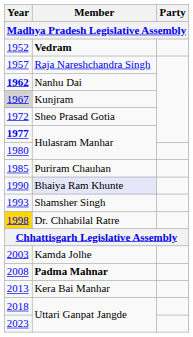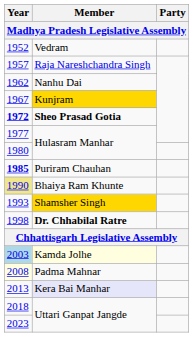 <table class="wikitable">
 <tr>
 <th>Year</th>
 <th>Member</th>
 <th colspan="2">Party</th>
 </tr>
 <tr>
 <th colspan=4><a href='#'>Madhya Pradesh Legislative Assembly</a></th>
 </tr>
 <tr>
 <td rowspan="2"><a href='#'>1952</a></td>
-<td><strong>Vedram</strong></td>
+<td>Vedram</td>
 <td></td>
 </tr>
 <tr>
 <td rowspan="2"><a href='#'>Raja Nareshchandra Singh</a></td>
 </tr>
 <tr>
 <td rowspan="2"><a href='#'>1957</a></td>
 </tr>
 <tr>
 <td rowspan="2">Nanhu Dai</td>
 </tr>
 <tr>
-<td><strong><a href='#'>1962</a></strong></td>
+<td><a href='#'>1962</a></td>
 </tr>
 <tr>
-<td style="background: lightgrey;"><a href='#'>1967</a></td>
-<td>Kunjram</td>
+<td><a href='#'>1967</a></td>
+<td style="background: gold;">Kunjram</td>
 </tr>
 <tr>
-<td><a href='#'>1972</a></td>
-<td>Sheo Prasad Gotia</td>
+<td><strong><a href='#'>1972</a></strong></td>
+<td><strong>Sheo Prasad Gotia</strong></td>
 </tr>
 <tr>
-<td><strong><a href='#'>1977</a></strong></td>
+<td><a href='#'>1977</a></td>
 <td rowspan="2">Hulasram Manhar</td>
 </tr>
 <tr>
 <td><a href='#'>1980</a></td>
 <td></td>
 </tr>
 <tr>
-<td><a href='#'>1985</a></td>
+<td><strong><a href='#'>1985</a></strong></td>
 <td>Puriram Chauhan</td>
 <td></td>
 </tr>
 <tr>
-<td><a href='#'>1990</a></td>
-<td style="background: lavender;">Bhaiya Ram Khunte</td>
+<td style="background: khaki;"><a href='#'>1990</a></td>
+<td>Bhaiya Ram Khunte</td>
 <td></td>
 </tr>
 <tr>
 <td><a href='#'>1993</a></td>
-<td>Shamsher Singh</td>
+<td style="background: gold;">Shamsher Singh</td>
 <td></td>
 </tr>
 <tr>
-<td style="background: gold;"><a href='#'>1998</a></td>
-<td>Dr. Chhabilal Ratre</td>
+<td><a href='#'>1998</a></td>
+<td><strong>Dr. Chhabilal Ratre</strong></td>
 <td></td>
 </tr>
 <tr>
 <th colspan=4><a href='#'>Chhattisgarh Legislative Assembly</a></th>
 </tr>
 <tr>
-<td><a href='#'>2003</a></td>
-<td>Kamda Jolhe</td>
+<td style="background: lightblue;"><a href='#'>2003</a></td>
+<td style="background: lightyellow;">Kamda Jolhe</td>
 <td></td>
 </tr>
 <tr>
-<td><a href='#'>2008</a></td>
-<td><strong>Padma Mahnar</strong></td>
+<td style="background: lightyellow;"><a href='#'>2008</a></td>
+<td>Padma Mahnar</td>
 <td></td>
 </tr>
 <tr>
 <td><a href='#'>2013</a></td>
-<td>Kera Bai Manhar</td>
+<td style="background: lavender;">Kera Bai Manhar</td>
 <td></td>
 </tr>
 <tr>
 <td><a href='#'>2018</a></td>
 <td rowspan=2>Uttari Ganpat Jangde</td>
 <td></td>
 </tr>
 <tr>
 <td><a href='#'>2023</a></td>
 </tr>
 </table>
